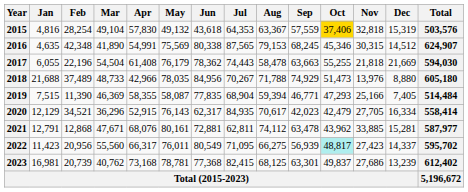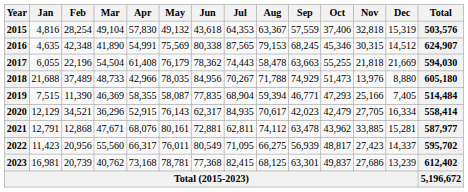 <table class=wikitable style="text-align:right; font-size:0.9em;">
 <tr>
 <th>Year</th>
 <th>Jan</th>
 <th>Feb</th>
 <th>Mar</th>
 <th>Apr</th>
 <th>May</th>
 <th>Jun</th>
 <th>Jul</th>
 <th>Aug</th>
 <th>Sep</th>
 <th>Oct</th>
 <th>Nov</th>
 <th>Dec</th>
 <th>Total</th>
 </tr>
 <tr>
 <th>2015</th>
 <td>4,816</td>
 <td>28,254</td>
 <td>49,104</td>
 <td>57,830</td>
 <td>49,132</td>
 <td>43,618</td>
 <td>64,353</td>
 <td>63,367</td>
 <td>57,559</td>
-<td style="background: gold;">37,406</td>
+<td>37,406</td>
 <td>32,818</td>
 <td>15,319</td>
 <th>503,576</th>
 </tr>
 <tr>
 <th>2016</th>
 <td>4,635</td>
 <td>42,348</td>
 <td>41,890</td>
 <td>54,991</td>
 <td>75,569</td>
 <td>80,338</td>
 <td>87,565</td>
 <td>79,153</td>
 <td>68,245</td>
 <td>45,346</td>
 <td>30,315</td>
 <td>14,512</td>
 <th>624,907</th>
 </tr>
 <tr>
 <th>2017</th>
 <td>6,055</td>
 <td>22,196</td>
 <td>54,504</td>
 <td>61,408</td>
 <td>76,179</td>
 <td>78,362</td>
 <td>74,443</td>
 <td>58,478</td>
 <td>63,663</td>
 <td>55,255</td>
 <td>21,818</td>
 <td>21,669</td>
 <th>594,030</th>
 </tr>
 <tr>
 <th>2018</th>
 <td>21,688</td>
 <td>37,489</td>
 <td>48,733</td>
 <td>42,966</td>
 <td>78,035</td>
 <td>84,956</td>
 <td>70,267</td>
 <td>71,788</td>
 <td>74,929</td>
 <td>51,473</td>
 <td>13,976</td>
 <td>8,880</td>
 <th>605,180</th>
 </tr>
 <tr>
 <th>2019</th>
 <td>7,515</td>
 <td>11,390</td>
 <td>46,369</td>
 <td>58,355</td>
 <td>58,087</td>
 <td>77,835</td>
 <td>68,904</td>
 <td>59,394</td>
 <td>46,771</td>
 <td>47,293</td>
 <td>25,166</td>
 <td>7,405</td>
 <th>514,484</th>
 </tr>
 <tr>
 <th>2020</th>
 <td>12,129</td>
 <td>34,521</td>
 <td>36,296</td>
 <td>52,915</td>
 <td>76,143</td>
 <td>62,317</td>
 <td>84,935</td>
 <td>70,617</td>
 <td>42,023</td>
 <td>42,479</td>
 <td>27,705</td>
 <td>16,334</td>
 <th>558,414</th>
 </tr>
 <tr>
 <th>2021</th>
 <td>12,791</td>
 <td>12,868</td>
 <td>47,671</td>
 <td>68,076</td>
 <td>80,161</td>
 <td>72,881</td>
 <td>62,811</td>
 <td>74,112</td>
 <td>63,478</td>
 <td>43,962</td>
 <td>33,885</td>
 <td>15,281</td>
 <th>587,977</th>
 </tr>
 <tr>
 <th>2022</th>
 <td>11,423</td>
 <td>20,956</td>
 <td>55,560</td>
 <td>66,317</td>
 <td>76,011</td>
 <td>80,549</td>
 <td>71,095</td>
 <td>66,275</td>
 <td>56,939</td>
-<td style="background: paleturquoise;">48,817</td>
+<td>48,817</td>
 <td>27,423</td>
 <td>14,337</td>
 <th>595,702</th>
 </tr>
 <tr>
 <th>2023</th>
 <td>16,981</td>
 <td>20,739</td>
 <td>40,762</td>
 <td>73,168</td>
 <td>78,781</td>
 <td>77,368</td>
 <td>82,415</td>
 <td>68,125</td>
 <td>63,301</td>
 <td>49,837</td>
 <td>27,686</td>
 <td>13,239</td>
 <th>612,402</th>
 </tr>
 <tr>
 <th colspan=13>Total (2015-2023)</th>
 <th>5,196,672</th>
 </tr>
 </table>
